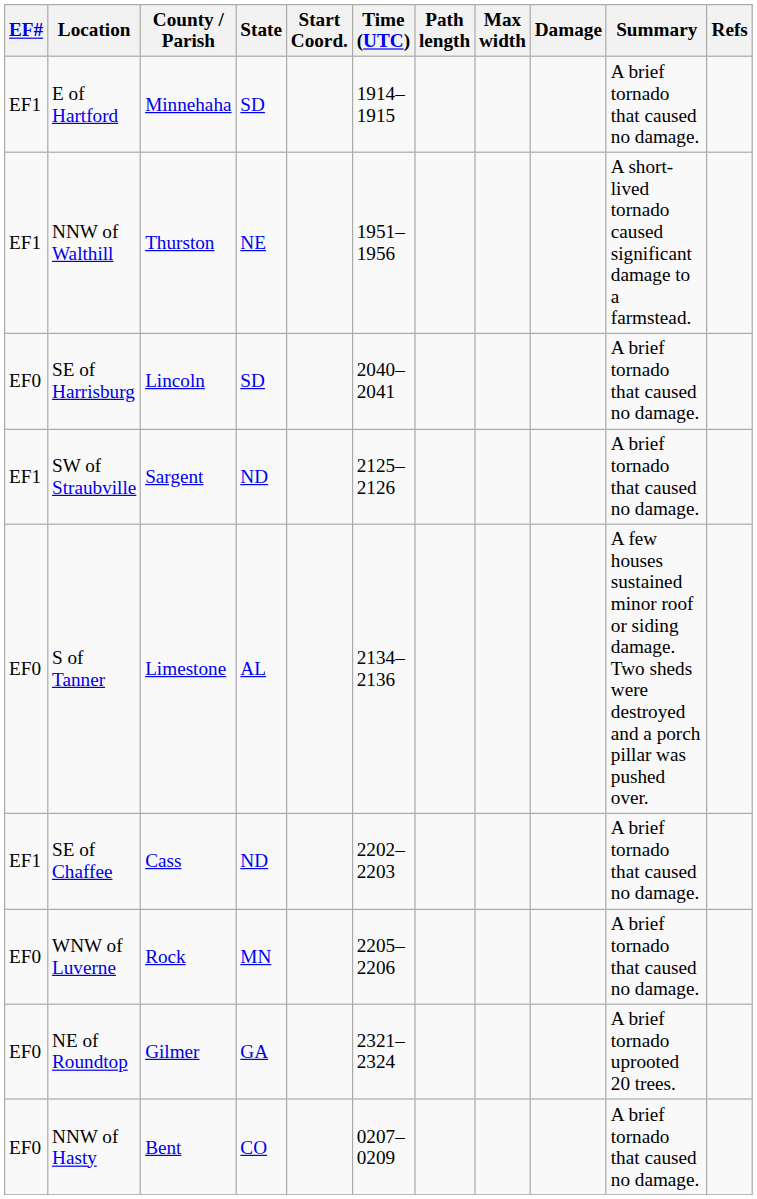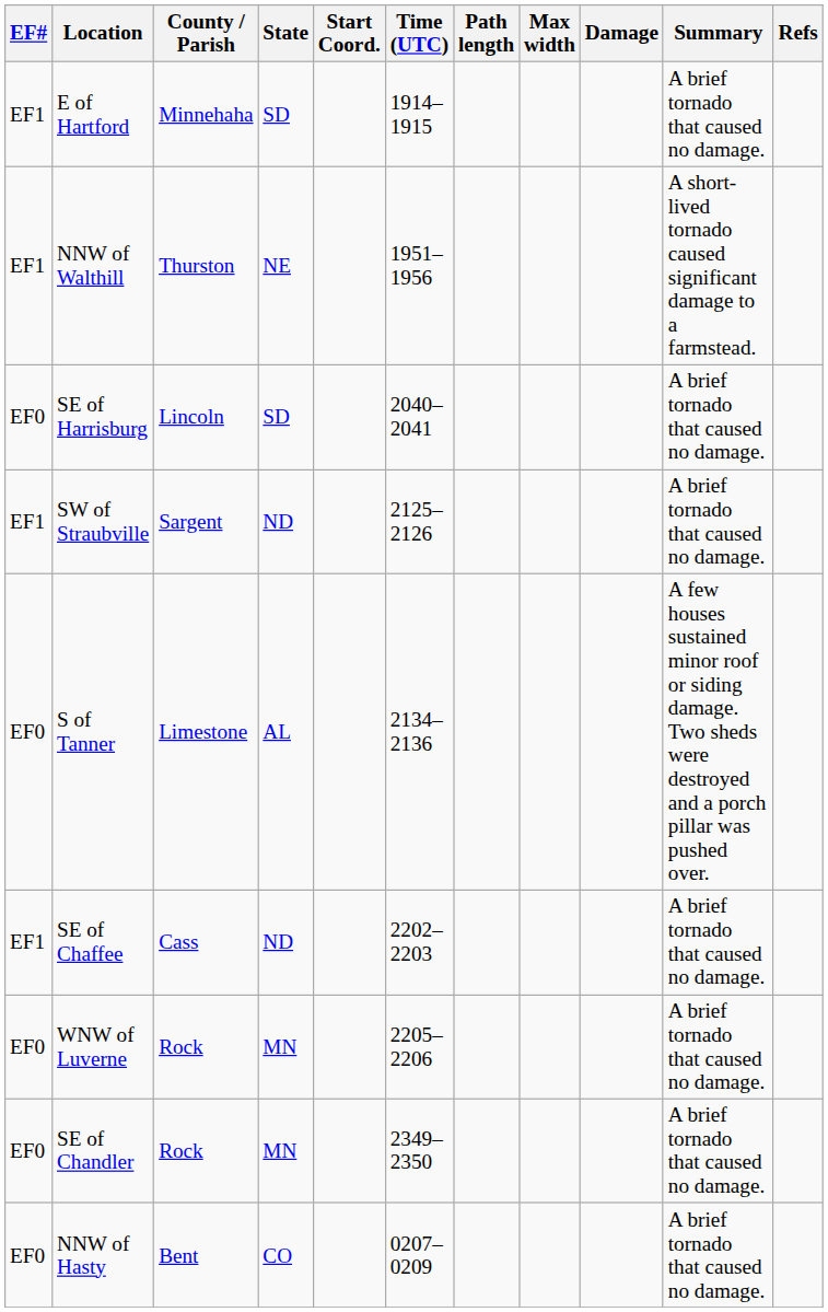 <table class="wikitable sortable" style="width:100%;">
 <tr>
 <th scope="col" width="3%" align="center"><a href='#'>EF#</a></th>
 <th scope="col" width="7%" align="center" class="unsortable">Location</th>
 <th scope="col" width="6%" align="center" class="unsortable">County / Parish</th>
 <th scope="col" width="5%" align="center">State</th>
 <th scope="col" width="6%" align="center">Start Coord.</th>
 <th scope="col" width="6%" align="center">Time (<a href='#'>UTC</a>)</th>
 <th scope="col" width="6%" align="center">Path length</th>
 <th scope="col" width="6%" align="center">Max width</th>
 <th scope="col" width="6%" align="center">Damage</th>
 <th scope="col" width="48%" class="unsortable" align="center">Summary</th>
 <th scope="col" width="48%" class="unsortable" align="center">Refs</th>
 </tr>
 <tr>
 <td>EF1</td>
 <td>E of <a href='#'>Hartford</a></td>
 <td><a href='#'>Minnehaha</a></td>
 <td><a href='#'>SD</a></td>
 <td></td>
 <td>1914–1915</td>
 <td></td>
 <td></td>
 <td></td>
 <td>A brief tornado that caused no damage.</td>
 <td></td>
 </tr>
 <tr>
 <td>EF1</td>
 <td>NNW of <a href='#'>Walthill</a></td>
 <td><a href='#'>Thurston</a></td>
 <td><a href='#'>NE</a></td>
 <td></td>
 <td>1951–1956</td>
 <td></td>
 <td></td>
 <td></td>
 <td>A short-lived tornado caused significant damage to a farmstead.</td>
 <td></td>
 </tr>
 <tr>
 <td>EF0</td>
 <td>SE of <a href='#'>Harrisburg</a></td>
 <td><a href='#'>Lincoln</a></td>
 <td><a href='#'>SD</a></td>
 <td></td>
 <td>2040–2041</td>
 <td></td>
 <td></td>
 <td></td>
 <td>A brief tornado that caused no damage.</td>
 <td></td>
 </tr>
 <tr>
 <td>EF1</td>
 <td>SW of <a href='#'>Straubville</a></td>
 <td><a href='#'>Sargent</a></td>
 <td><a href='#'>ND</a></td>
 <td></td>
 <td>2125–2126</td>
 <td></td>
 <td></td>
 <td></td>
 <td>A brief tornado that caused no damage.</td>
 <td></td>
 </tr>
 <tr>
 <td>EF0</td>
 <td>S of <a href='#'>Tanner</a></td>
 <td><a href='#'>Limestone</a></td>
 <td><a href='#'>AL</a></td>
 <td></td>
 <td>2134–2136</td>
 <td></td>
 <td></td>
 <td></td>
 <td>A few houses sustained minor roof or siding damage. Two sheds were destroyed and a porch pillar was pushed over.</td>
 <td></td>
 </tr>
 <tr>
 <td>EF1</td>
 <td>SE of <a href='#'>Chaffee</a></td>
 <td><a href='#'>Cass</a></td>
 <td><a href='#'>ND</a></td>
 <td></td>
 <td>2202–2203</td>
 <td></td>
 <td></td>
 <td></td>
 <td>A brief tornado that caused no damage.</td>
 <td></td>
 </tr>
 <tr>
 <td>EF0</td>
 <td>WNW of <a href='#'>Luverne</a></td>
 <td><a href='#'>Rock</a></td>
 <td><a href='#'>MN</a></td>
 <td></td>
 <td>2205–2206</td>
 <td></td>
 <td></td>
 <td></td>
 <td>A brief tornado that caused no damage.</td>
 <td></td>
 </tr>
 <tr>
 <td>EF0</td>
-<td>NE of <a href='#'>Roundtop</a></td>
-<td><a href='#'>Gilmer</a></td>
-<td><a href='#'>GA</a></td>
+<td>SE of <a href='#'>Chandler</a></td>
+<td><a href='#'>Rock</a></td>
+<td><a href='#'>MN</a></td>
 <td></td>
-<td>2321–2324</td>
+<td>2349–2350</td>
 <td></td>
 <td></td>
 <td></td>
-<td>A brief tornado uprooted 20 trees.</td>
+<td>A brief tornado that caused no damage.</td>
 <td></td>
 </tr>
 <tr>
 <td>EF0</td>
 <td>NNW of <a href='#'>Hasty</a></td>
 <td><a href='#'>Bent</a></td>
 <td><a href='#'>CO</a></td>
 <td></td>
 <td>0207–0209</td>
 <td></td>
 <td></td>
 <td></td>
 <td>A brief tornado that caused no damage.</td>
 <td></td>
 </tr>
 <tr>
 </tr>
 </table>
